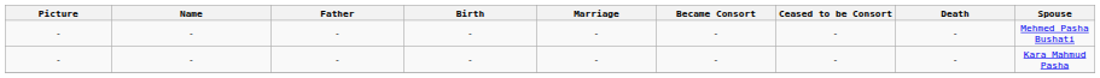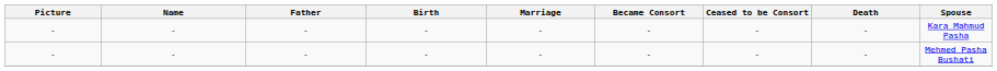 <table width=95% class="wikitable">
 <tr>
 <th width = "8%">Picture</th>
 <th width = "12%">Name</th>
 <th width = "10%">Father</th>
 <th width = "10%">Birth</th>
 <th width = "9%">Marriage</th>
 <th width = "9%">Became Consort</th>
 <th width = "9%">Ceased to be Consort</th>
 <th width = "9%">Death</th>
 <th width = "6%">Spouse</th>
 </tr>
 <tr>
 <td align="center">-</td>
 <td align="center">-</td>
 <td align=center>-</td>
 <td align="center">-</td>
 <td align="center">-</td>
 <td align="center">-</td>
 <td align="center">-</td>
 <td align="center">-</td>
-<td align="center"><a href='#'>Mehmed Pasha Bushati</a></td>
+<td align="center"><a href='#'>Kara Mahmud Pasha</a></td>
 </tr>
 <tr>
 <td align="center">-</td>
 <td align="center">-</td>
 <td align=center>-</td>
 <td align="center">-</td>
 <td align="center">-</td>
 <td align="center">-</td>
 <td align="center">-</td>
 <td align="center">-</td>
-<td align="center"><a href='#'>Kara Mahmud Pasha</a></td>
+<td align="center"><a href='#'>Mehmed Pasha Bushati</a></td>
 </tr>
 <tr>
 </tr>
 </table>
